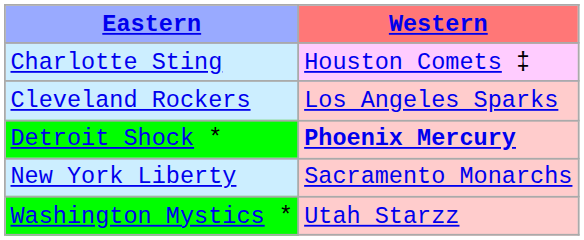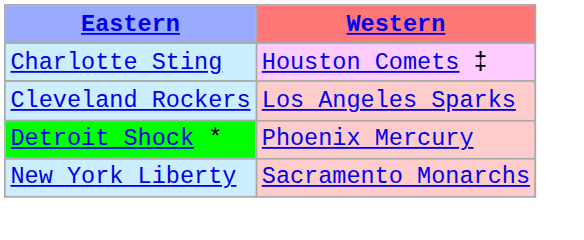 <table class="wikitable">
 <tr>
 <th style="background-color: #9AF;"><a href='#'>Eastern</a></th>
 <th style="background-color: #F77;"><a href='#'>Western</a></th>
 </tr>
 <tr>
 <td style="background-color: #CEF;"><a href='#'>Charlotte Sting</a></td>
 <td style="background-color: #FCF;"><a href='#'>Houston Comets</a> ‡</td>
 </tr>
 <tr>
 <td style="background-color: #CEF;"><a href='#'>Cleveland Rockers</a></td>
 <td style="background-color: #FCC;"><a href='#'>Los Angeles Sparks</a></td>
 </tr>
 <tr>
 <td style="background-color: #0F0;"><a href='#'>Detroit Shock</a> *</td>
-<td style="background-color: #FCC;"><strong><a href='#'>Phoenix Mercury</a></strong></td>
+<td style="background-color: #FCC;"><a href='#'>Phoenix Mercury</a></td>
 </tr>
 <tr>
 <td style="background-color: #CEF;"><a href='#'>New York Liberty</a></td>
 <td style="background-color: #FCC;"><a href='#'>Sacramento Monarchs</a></td>
 </tr>
-<tr>
-<td style="background-color: #0F0;"><a href='#'>Washington Mystics</a> *</td>
-<td style="background-color: #FCC;"><a href='#'>Utah Starzz</a></td>
-</tr>
 </table>
